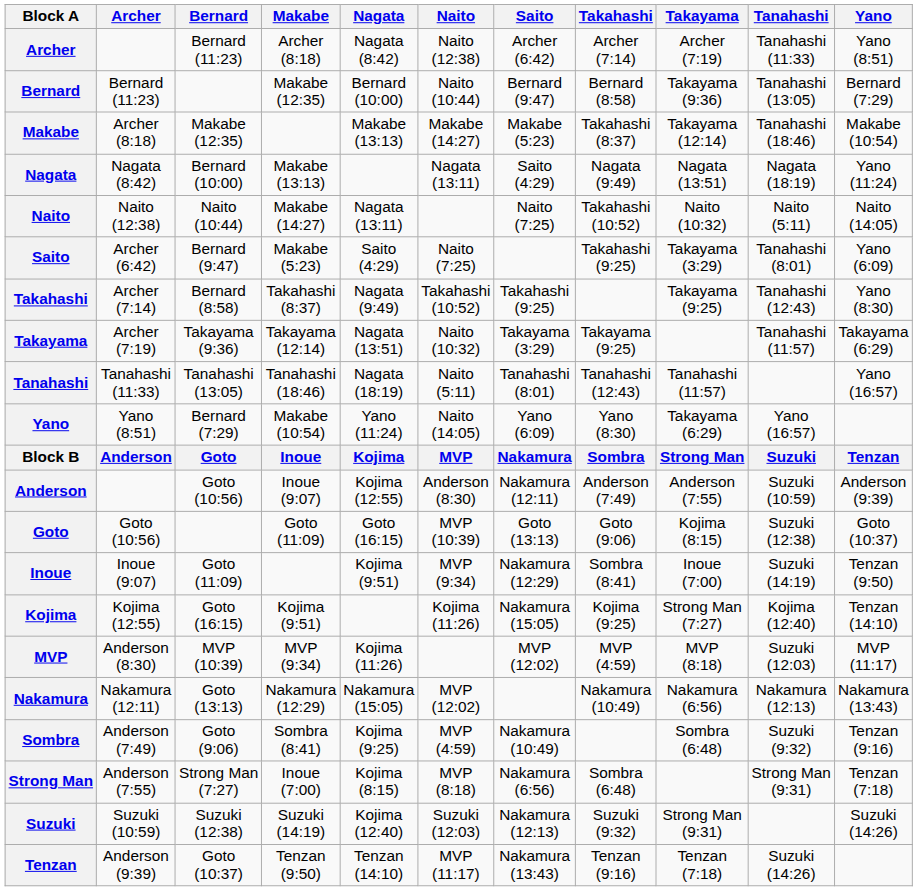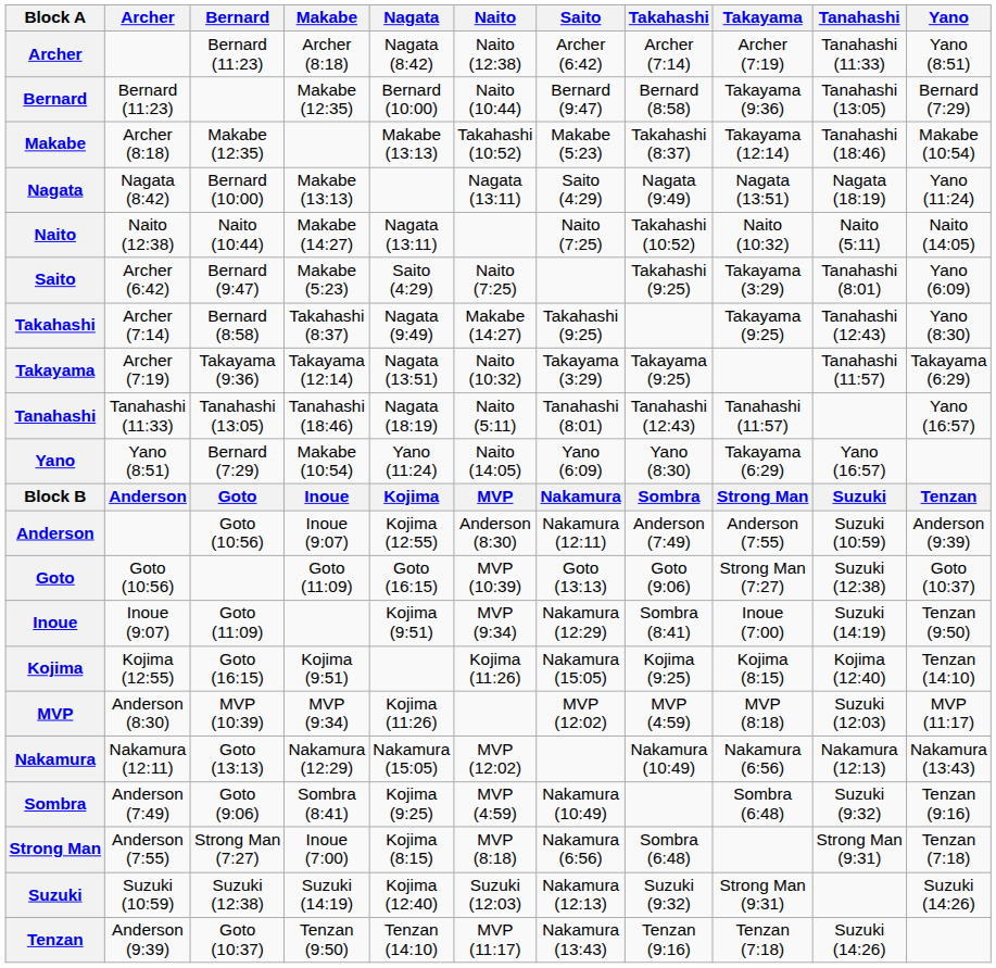 <table class="wikitable" align=center style="margin: 1em auto 1em auto">
 <tr align="center">
 <th>Block A</th>
 <th><a href='#'>Archer</a></th>
 <th><a href='#'>Bernard</a></th>
 <th><a href='#'>Makabe</a></th>
 <th><a href='#'>Nagata</a></th>
 <th><a href='#'>Naito</a></th>
 <th><a href='#'>Saito</a></th>
 <th><a href='#'>Takahashi</a></th>
 <th><a href='#'>Takayama</a></th>
 <th><a href='#'>Tanahashi</a></th>
 <th><a href='#'>Yano</a></th>
 </tr>
 <tr align="center">
 <th><a href='#'>Archer</a></th>
 <td></td>
 <td>Bernard<br>(11:23)</td>
 <td>Archer<br>(8:18)</td>
 <td>Nagata<br>(8:42)</td>
 <td>Naito<br>(12:38)</td>
 <td>Archer<br>(6:42)</td>
 <td>Archer<br>(7:14)</td>
 <td>Archer<br>(7:19)</td>
 <td>Tanahashi<br>(11:33)</td>
 <td>Yano<br>(8:51)</td>
 </tr>
 <tr align="center">
 <th><a href='#'>Bernard</a></th>
 <td>Bernard<br>(11:23)</td>
 <td></td>
 <td>Makabe<br>(12:35)</td>
 <td>Bernard<br>(10:00)</td>
 <td>Naito<br>(10:44)</td>
 <td>Bernard<br>(9:47)</td>
 <td>Bernard<br>(8:58)</td>
 <td>Takayama<br>(9:36)</td>
 <td>Tanahashi<br>(13:05)</td>
 <td>Bernard<br>(7:29)</td>
 </tr>
 <tr align="center">
 <th><a href='#'>Makabe</a></th>
 <td>Archer<br>(8:18)</td>
 <td>Makabe<br>(12:35)</td>
 <td></td>
 <td>Makabe<br>(13:13)</td>
-<td>Makabe<br>(14:27)</td>
+<td>Takahashi<br>(10:52)</td>
 <td>Makabe<br>(5:23)</td>
 <td>Takahashi<br>(8:37)</td>
 <td>Takayama<br>(12:14)</td>
 <td>Tanahashi<br>(18:46)</td>
 <td>Makabe<br>(10:54)</td>
 </tr>
 <tr align="center">
 <th><a href='#'>Nagata</a></th>
 <td>Nagata<br>(8:42)</td>
 <td>Bernard<br>(10:00)</td>
 <td>Makabe<br>(13:13)</td>
 <td></td>
 <td>Nagata<br>(13:11)</td>
 <td>Saito<br>(4:29)</td>
 <td>Nagata<br>(9:49)</td>
 <td>Nagata<br>(13:51)</td>
 <td>Nagata<br>(18:19)</td>
 <td>Yano<br>(11:24)</td>
 </tr>
 <tr align="center">
 <th><a href='#'>Naito</a></th>
 <td>Naito<br>(12:38)</td>
 <td>Naito<br>(10:44)</td>
 <td>Makabe<br>(14:27)</td>
 <td>Nagata<br>(13:11)</td>
 <td></td>
 <td>Naito<br>(7:25)</td>
 <td>Takahashi<br>(10:52)</td>
 <td>Naito<br>(10:32)</td>
 <td>Naito<br>(5:11)</td>
 <td>Naito<br>(14:05)</td>
 </tr>
 <tr align="center">
 <th><a href='#'>Saito</a></th>
 <td>Archer<br>(6:42)</td>
 <td>Bernard<br>(9:47)</td>
 <td>Makabe<br>(5:23)</td>
 <td>Saito<br>(4:29)</td>
 <td>Naito<br>(7:25)</td>
 <td></td>
 <td>Takahashi<br>(9:25)</td>
 <td>Takayama<br>(3:29)</td>
 <td>Tanahashi<br>(8:01)</td>
 <td>Yano<br>(6:09)</td>
 </tr>
 <tr align="center">
 <th><a href='#'>Takahashi</a></th>
 <td>Archer<br>(7:14)</td>
 <td>Bernard<br>(8:58)</td>
 <td>Takahashi<br>(8:37)</td>
 <td>Nagata<br>(9:49)</td>
-<td>Takahashi<br>(10:52)</td>
+<td>Makabe<br>(14:27)</td>
 <td>Takahashi<br>(9:25)</td>
 <td></td>
 <td>Takayama<br>(9:25)</td>
 <td>Tanahashi<br>(12:43)</td>
 <td>Yano<br>(8:30)</td>
 </tr>
 <tr align="center">
 <th><a href='#'>Takayama</a></th>
 <td>Archer<br>(7:19)</td>
 <td>Takayama<br>(9:36)</td>
 <td>Takayama<br>(12:14)</td>
 <td>Nagata<br>(13:51)</td>
 <td>Naito<br>(10:32)</td>
 <td>Takayama<br>(3:29)</td>
 <td>Takayama<br>(9:25)</td>
 <td></td>
 <td>Tanahashi<br>(11:57)</td>
 <td>Takayama<br>(6:29)</td>
 </tr>
 <tr align="center">
 <th><a href='#'>Tanahashi</a></th>
 <td>Tanahashi<br>(11:33)</td>
 <td>Tanahashi<br>(13:05)</td>
 <td>Tanahashi<br>(18:46)</td>
 <td>Nagata<br>(18:19)</td>
 <td>Naito<br>(5:11)</td>
 <td>Tanahashi<br>(8:01)</td>
 <td>Tanahashi<br>(12:43)</td>
 <td>Tanahashi<br>(11:57)</td>
 <td></td>
 <td>Yano<br>(16:57)</td>
 </tr>
 <tr align="center">
 <th><a href='#'>Yano</a></th>
 <td>Yano<br>(8:51)</td>
 <td>Bernard<br>(7:29)</td>
 <td>Makabe<br>(10:54)</td>
 <td>Yano<br>(11:24)</td>
 <td>Naito<br>(14:05)</td>
 <td>Yano<br>(6:09)</td>
 <td>Yano<br>(8:30)</td>
 <td>Takayama<br>(6:29)</td>
 <td>Yano<br>(16:57)</td>
 <td></td>
 </tr>
 <tr align="center">
 <th>Block B</th>
 <th><a href='#'>Anderson</a></th>
 <th><a href='#'>Goto</a></th>
 <th><a href='#'>Inoue</a></th>
 <th><a href='#'>Kojima</a></th>
 <th><a href='#'>MVP</a></th>
 <th><a href='#'>Nakamura</a></th>
 <th><a href='#'>Sombra</a></th>
 <th><a href='#'>Strong Man</a></th>
 <th><a href='#'>Suzuki</a></th>
 <th><a href='#'>Tenzan</a></th>
 </tr>
 <tr align="center">
 <th><a href='#'>Anderson</a></th>
 <td></td>
 <td>Goto<br>(10:56)</td>
 <td>Inoue<br>(9:07)</td>
 <td>Kojima<br>(12:55)</td>
 <td>Anderson<br>(8:30)</td>
 <td>Nakamura<br>(12:11)</td>
 <td>Anderson<br>(7:49)</td>
 <td>Anderson<br>(7:55)</td>
 <td>Suzuki<br>(10:59)</td>
 <td>Anderson<br>(9:39)</td>
 </tr>
 <tr align="center">
 <th><a href='#'>Goto</a></th>
 <td>Goto<br>(10:56)</td>
 <td></td>
 <td>Goto<br>(11:09)</td>
 <td>Goto<br>(16:15)</td>
 <td>MVP<br>(10:39)</td>
 <td>Goto<br>(13:13)</td>
 <td>Goto<br>(9:06)</td>
-<td>Kojima<br>(8:15)</td>
+<td>Strong Man<br>(7:27)</td>
 <td>Suzuki<br>(12:38)</td>
 <td>Goto<br>(10:37)</td>
 </tr>
 <tr align="center">
 <th><a href='#'>Inoue</a></th>
 <td>Inoue<br>(9:07)</td>
 <td>Goto<br>(11:09)</td>
 <td></td>
 <td>Kojima<br>(9:51)</td>
 <td>MVP<br>(9:34)</td>
 <td>Nakamura<br>(12:29)</td>
 <td>Sombra<br>(8:41)</td>
 <td>Inoue<br>(7:00)</td>
 <td>Suzuki<br>(14:19)</td>
 <td>Tenzan<br>(9:50)</td>
 </tr>
 <tr align="center">
 <th><a href='#'>Kojima</a></th>
 <td>Kojima<br>(12:55)</td>
 <td>Goto<br>(16:15)</td>
 <td>Kojima<br>(9:51)</td>
 <td></td>
 <td>Kojima<br>(11:26)</td>
 <td>Nakamura<br>(15:05)</td>
 <td>Kojima<br>(9:25)</td>
-<td>Strong Man<br>(7:27)</td>
+<td>Kojima<br>(8:15)</td>
 <td>Kojima<br>(12:40)</td>
 <td>Tenzan<br>(14:10)</td>
 </tr>
 <tr align="center">
 <th><a href='#'>MVP</a></th>
 <td>Anderson<br>(8:30)</td>
 <td>MVP<br>(10:39)</td>
 <td>MVP<br>(9:34)</td>
 <td>Kojima<br>(11:26)</td>
 <td></td>
 <td>MVP<br>(12:02)</td>
 <td>MVP<br>(4:59)</td>
 <td>MVP<br>(8:18)</td>
 <td>Suzuki<br>(12:03)</td>
 <td>MVP<br>(11:17)</td>
 </tr>
 <tr align="center">
 <th><a href='#'>Nakamura</a></th>
 <td>Nakamura<br>(12:11)</td>
 <td>Goto<br>(13:13)</td>
 <td>Nakamura<br>(12:29)</td>
 <td>Nakamura<br>(15:05)</td>
 <td>MVP<br>(12:02)</td>
 <td></td>
 <td>Nakamura<br>(10:49)</td>
 <td>Nakamura<br>(6:56)</td>
 <td>Nakamura<br>(12:13)</td>
 <td>Nakamura<br>(13:43)</td>
 </tr>
 <tr align="center">
 <th><a href='#'>Sombra</a></th>
 <td>Anderson<br>(7:49)</td>
 <td>Goto<br>(9:06)</td>
 <td>Sombra<br>(8:41)</td>
 <td>Kojima<br>(9:25)</td>
 <td>MVP<br>(4:59)</td>
 <td>Nakamura<br>(10:49)</td>
 <td></td>
 <td>Sombra<br>(6:48)</td>
 <td>Suzuki<br>(9:32)</td>
 <td>Tenzan<br>(9:16)</td>
 </tr>
 <tr align="center">
 <th><a href='#'>Strong Man</a></th>
 <td>Anderson<br>(7:55)</td>
 <td>Strong Man<br>(7:27)</td>
 <td>Inoue<br>(7:00)</td>
 <td>Kojima<br>(8:15)</td>
 <td>MVP<br>(8:18)</td>
 <td>Nakamura<br>(6:56)</td>
 <td>Sombra<br>(6:48)</td>
 <td></td>
 <td>Strong Man<br>(9:31)</td>
 <td>Tenzan<br>(7:18)</td>
 </tr>
 <tr align="center">
 <th><a href='#'>Suzuki</a></th>
 <td>Suzuki<br>(10:59)</td>
 <td>Suzuki<br>(12:38)</td>
 <td>Suzuki<br>(14:19)</td>
 <td>Kojima<br>(12:40)</td>
 <td>Suzuki<br>(12:03)</td>
 <td>Nakamura<br>(12:13)</td>
 <td>Suzuki<br>(9:32)</td>
 <td>Strong Man<br>(9:31)</td>
 <td></td>
 <td>Suzuki<br>(14:26)</td>
 </tr>
 <tr align="center">
 <th><a href='#'>Tenzan</a></th>
 <td>Anderson<br>(9:39)</td>
 <td>Goto<br>(10:37)</td>
 <td>Tenzan<br>(9:50)</td>
 <td>Tenzan<br>(14:10)</td>
 <td>MVP<br>(11:17)</td>
 <td>Nakamura<br>(13:43)</td>
 <td>Tenzan<br>(9:16)</td>
 <td>Tenzan<br>(7:18)</td>
 <td>Suzuki<br>(14:26)</td>
 <td></td>
 </tr>
 </table>
